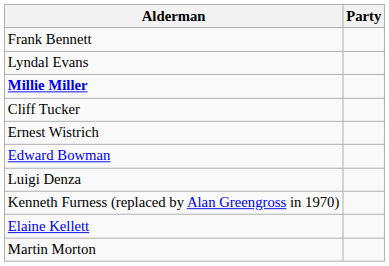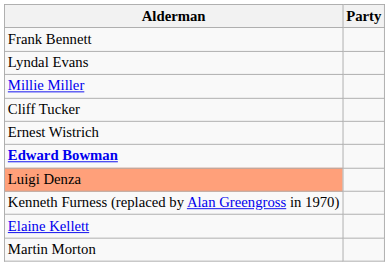 <table class="wikitable">
 <tr>
 <th>Alderman</th>
 <th colspan="2">Party</th>
 </tr>
 <tr>
 <td>Frank Bennett</td>
 <td></td>
 </tr>
 <tr>
 <td>Lyndal Evans</td>
 <td></td>
 </tr>
 <tr>
-<td><strong><a href='#'>Millie Miller</a></strong></td>
+<td><a href='#'>Millie Miller</a></td>
 <td></td>
 </tr>
 <tr>
 <td>Cliff Tucker</td>
 <td></td>
 </tr>
 <tr>
 <td>Ernest Wistrich</td>
 <td></td>
 </tr>
 <tr>
-<td><a href='#'>Edward Bowman</a></td>
+<td><strong><a href='#'>Edward Bowman</a></strong></td>
 <td></td>
 </tr>
 <tr>
-<td>Luigi Denza</td>
+<td style="background: lightsalmon;">Luigi Denza</td>
 <td></td>
 </tr>
 <tr>
 <td>Kenneth Furness (replaced by <a href='#'>Alan Greengross</a> in 1970)</td>
 <td></td>
 </tr>
 <tr>
 <td><a href='#'>Elaine Kellett</a></td>
 <td></td>
 </tr>
 <tr>
 <td>Martin Morton</td>
 <td></td>
 </tr>
 </table>
